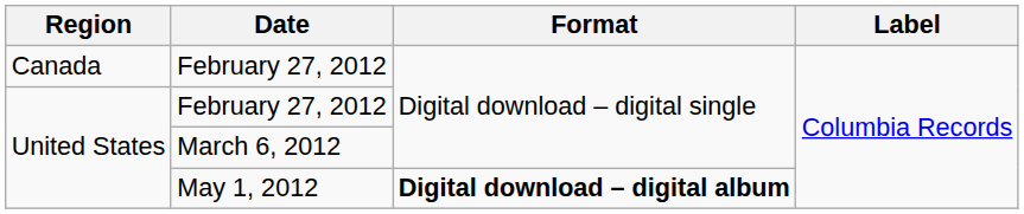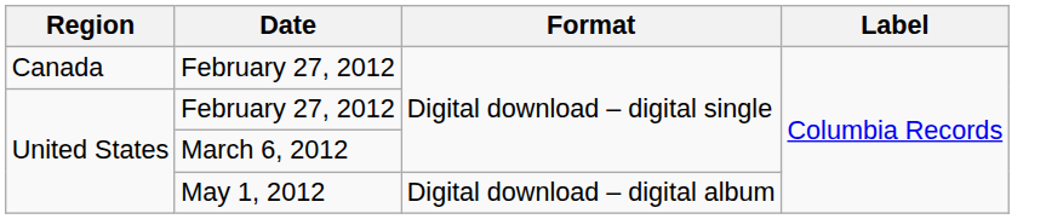 <table class=wikitable>
 <tr>
 <th>Region</th>
 <th>Date</th>
 <th>Format</th>
 <th>Label</th>
 </tr>
 <tr>
 <td>Canada</td>
 <td>February 27, 2012</td>
 <td rowspan="3">Digital download – digital single</td>
 <td rowspan="4"><a href='#'>Columbia Records</a></td>
 </tr>
 <tr>
 <td rowspan="3">United States</td>
 <td>February 27, 2012</td>
 </tr>
 <tr>
 <td>March 6, 2012</td>
 </tr>
 <tr>
 <td>May 1, 2012</td>
-<td><strong>Digital download – digital album</strong></td>
+<td>Digital download – digital album</td>
 </tr>
 </table>
